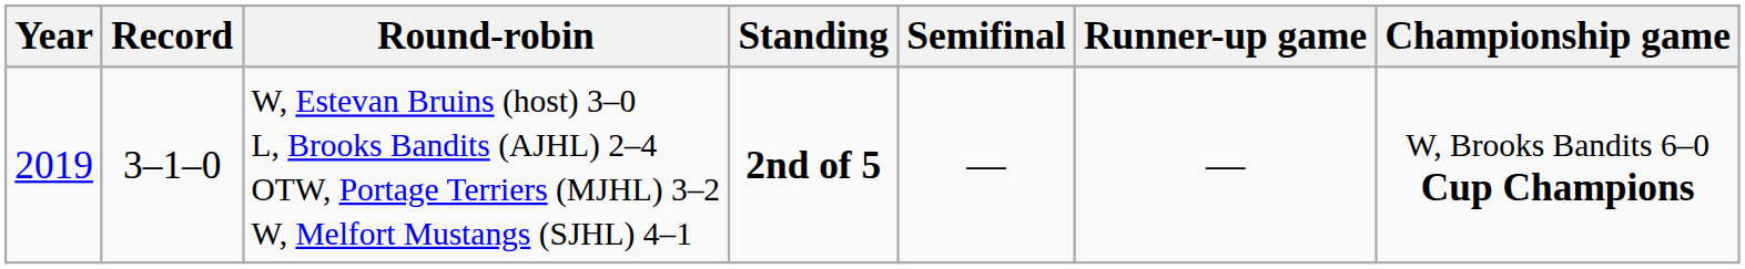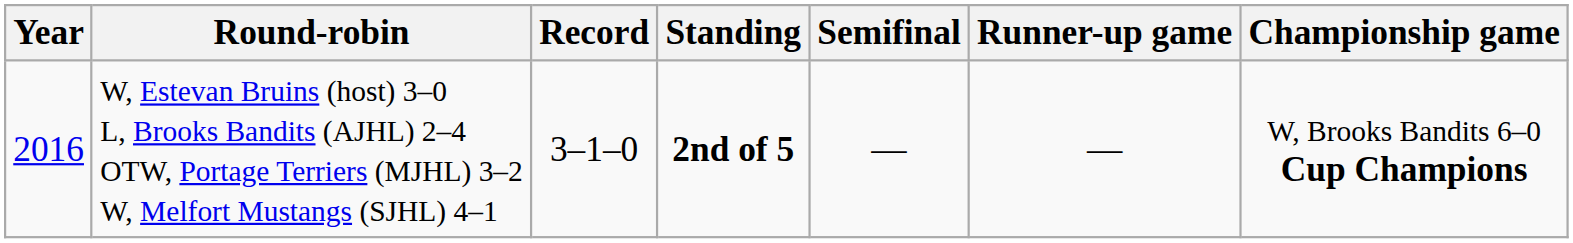 <table class="wikitable" style="text-align:center">
 <tr>
 <th>Year</th>
+<th>Round-robin</th>
 <th>Record</th>
-<th>Round-robin</th>
 <th>Standing</th>
 <th>Semifinal</th>
 <th>Runner-up game</th>
 <th>Championship game</th>
 </tr>
 <tr>
-<td><a href='#'>2019</a></td>
+<td><a href='#'>2016</a></td>
+<td align=left><small>W, <a href='#'>Estevan Bruins</a> (host) 3–0<br>L, <a href='#'>Brooks Bandits</a> (AJHL) 2–4 <br>OTW, <a href='#'>Portage Terriers</a> (MJHL) 3–2<br>W, <a href='#'>Melfort Mustangs</a> (SJHL) 4–1</small></td>
 <td>3–1–0</td>
-<td align=left><small>W, <a href='#'>Estevan Bruins</a> (host) 3–0<br>L, <a href='#'>Brooks Bandits</a> (AJHL) 2–4 <br>OTW, <a href='#'>Portage Terriers</a> (MJHL) 3–2<br>W, <a href='#'>Melfort Mustangs</a> (SJHL) 4–1</small></td>
 <td><strong>2nd of 5</strong></td>
 <td>—</td>
 <td>—</td>
 <td><small>W, Brooks Bandits 6–0</small><br><strong>Cup Champions</strong></td>
 </tr>
 </table>
